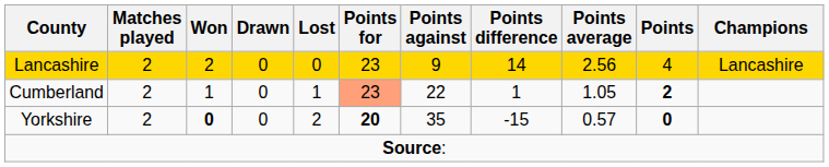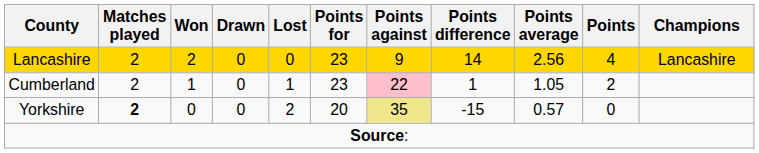 <table class="wikitable plainrowheaders" style="text-align: center; width: 60%">
 <tr>
 <th scope="col" style="width: 5%;">County</th>
 <th scope="col" style="width: 5%;">Matches played</th>
 <th scope="col" style="width: 5%;">Won</th>
 <th scope="col" style="width: 5%;">Drawn</th>
 <th scope="col" style="width: 5%;">Lost</th>
 <th scope="col" style="width: 5%;">Points for</th>
 <th scope="col" style="width: 5%;">Points against</th>
 <th scope="col" style="width: 5%;">Points difference</th>
 <th scope="col" style="width: 5%;">Points average</th>
 <th scope="col" style="width: 5%;">Points</th>
 <th scope="col" style="width: 15%;">Champions</th>
 </tr>
 <tr style="background: gold;">
 <td>Lancashire</td>
 <td>2</td>
 <td>2</td>
 <td>0</td>
 <td>0</td>
 <td>23</td>
 <td>9</td>
 <td>14</td>
 <td>2.56</td>
 <td>4</td>
 <td>Lancashire</td>
 </tr>
 <tr>
 <td>Cumberland</td>
 <td>2</td>
 <td>1</td>
 <td>0</td>
 <td>1</td>
-<td style="background: lightsalmon;">23</td>
-<td>22</td>
+<td>23</td>
+<td style="background: pink;">22</td>
 <td>1</td>
 <td>1.05</td>
-<td><strong>2</strong></td>
+<td>2</td>
 <td></td>
 </tr>
 <tr>
 <td>Yorkshire</td>
-<td>2</td>
-<td><strong>0</strong></td>
+<td><strong>2</strong></td>
+<td>0</td>
 <td>0</td>
 <td>2</td>
-<td><strong>20</strong></td>
-<td>35</td>
+<td>20</td>
+<td style="background: khaki;">35</td>
 <td>-15</td>
 <td>0.57</td>
-<td><strong>0</strong></td>
+<td>0</td>
 <td></td>
 </tr>
 <tr>
 <td colspan="11"><strong>Source</strong>:</td>
 </tr>
 </table>
